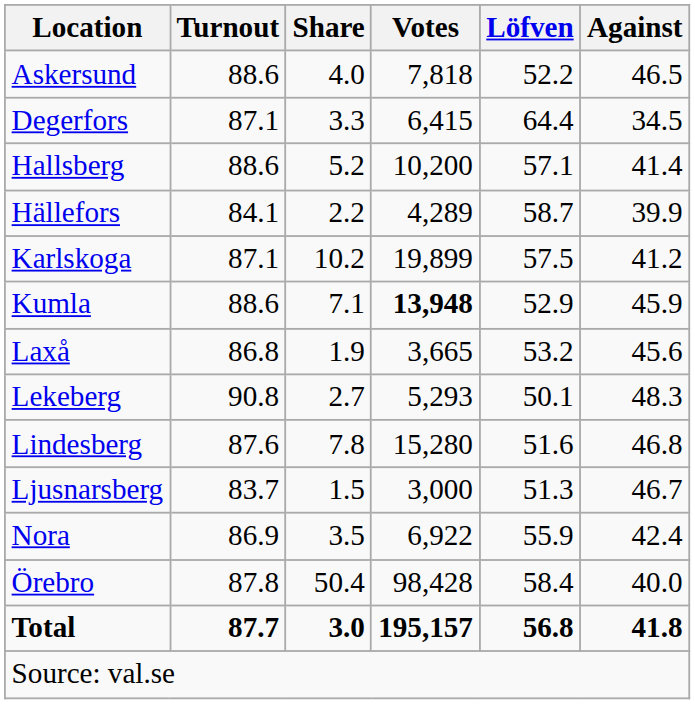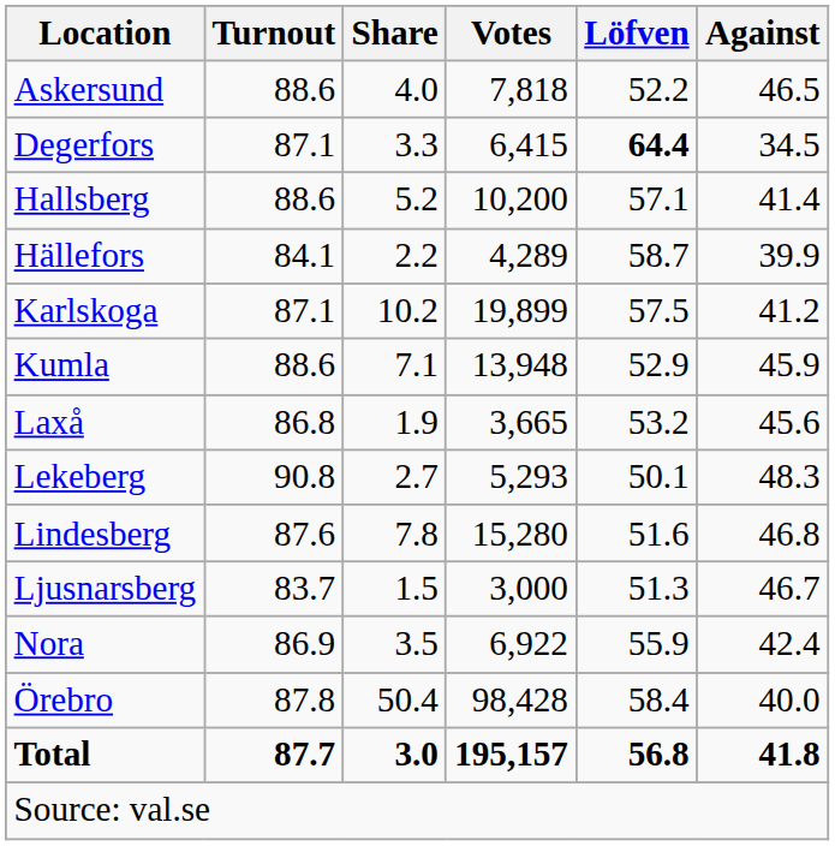 <table class="wikitable sortable" style=text-align:right>
 <tr>
 <th>Location</th>
 <th>Turnout</th>
 <th>Share</th>
 <th>Votes</th>
 <th><a href='#'>Löfven</a></th>
 <th>Against</th>
 </tr>
 <tr>
 <td align=left><a href='#'>Askersund</a></td>
 <td>88.6</td>
 <td>4.0</td>
 <td>7,818</td>
 <td>52.2</td>
 <td>46.5</td>
 </tr>
 <tr>
 <td align=left><a href='#'>Degerfors</a></td>
 <td>87.1</td>
 <td>3.3</td>
 <td>6,415</td>
-<td>64.4</td>
+<td><strong>64.4</strong></td>
 <td>34.5</td>
 </tr>
 <tr>
 <td align=left><a href='#'>Hallsberg</a></td>
 <td>88.6</td>
 <td>5.2</td>
 <td>10,200</td>
 <td>57.1</td>
 <td>41.4</td>
 </tr>
 <tr>
 <td align=left><a href='#'>Hällefors</a></td>
 <td>84.1</td>
 <td>2.2</td>
 <td>4,289</td>
 <td>58.7</td>
 <td>39.9</td>
 </tr>
 <tr>
 <td align=left><a href='#'>Karlskoga</a></td>
 <td>87.1</td>
 <td>10.2</td>
 <td>19,899</td>
 <td>57.5</td>
 <td>41.2</td>
 </tr>
 <tr>
 <td align=left><a href='#'>Kumla</a></td>
 <td>88.6</td>
 <td>7.1</td>
-<td><strong>13,948</strong></td>
+<td>13,948</td>
 <td>52.9</td>
 <td>45.9</td>
 </tr>
 <tr>
 <td align=left><a href='#'>Laxå</a></td>
 <td>86.8</td>
 <td>1.9</td>
 <td>3,665</td>
 <td>53.2</td>
 <td>45.6</td>
 </tr>
 <tr>
 <td align=left><a href='#'>Lekeberg</a></td>
 <td>90.8</td>
 <td>2.7</td>
 <td>5,293</td>
 <td>50.1</td>
 <td>48.3</td>
 </tr>
 <tr>
 <td align=left><a href='#'>Lindesberg</a></td>
 <td>87.6</td>
 <td>7.8</td>
 <td>15,280</td>
 <td>51.6</td>
 <td>46.8</td>
 </tr>
 <tr>
 <td align=left><a href='#'>Ljusnarsberg</a></td>
 <td>83.7</td>
 <td>1.5</td>
 <td>3,000</td>
 <td>51.3</td>
 <td>46.7</td>
 </tr>
 <tr>
 <td align=left><a href='#'>Nora</a></td>
 <td>86.9</td>
 <td>3.5</td>
 <td>6,922</td>
 <td>55.9</td>
 <td>42.4</td>
 </tr>
 <tr>
 <td align=left><a href='#'>Örebro</a></td>
 <td>87.8</td>
 <td>50.4</td>
 <td>98,428</td>
 <td>58.4</td>
 <td>40.0</td>
 </tr>
 <tr>
 <td align=left><strong>Total</strong></td>
 <td><strong>87.7</strong></td>
 <td><strong>3.0</strong></td>
 <td><strong>195,157</strong></td>
 <td><strong>56.8</strong></td>
 <td><strong>41.8</strong></td>
 </tr>
 <tr>
 <td align=left colspan=6>Source: val.se</td>
 </tr>
 </table>
